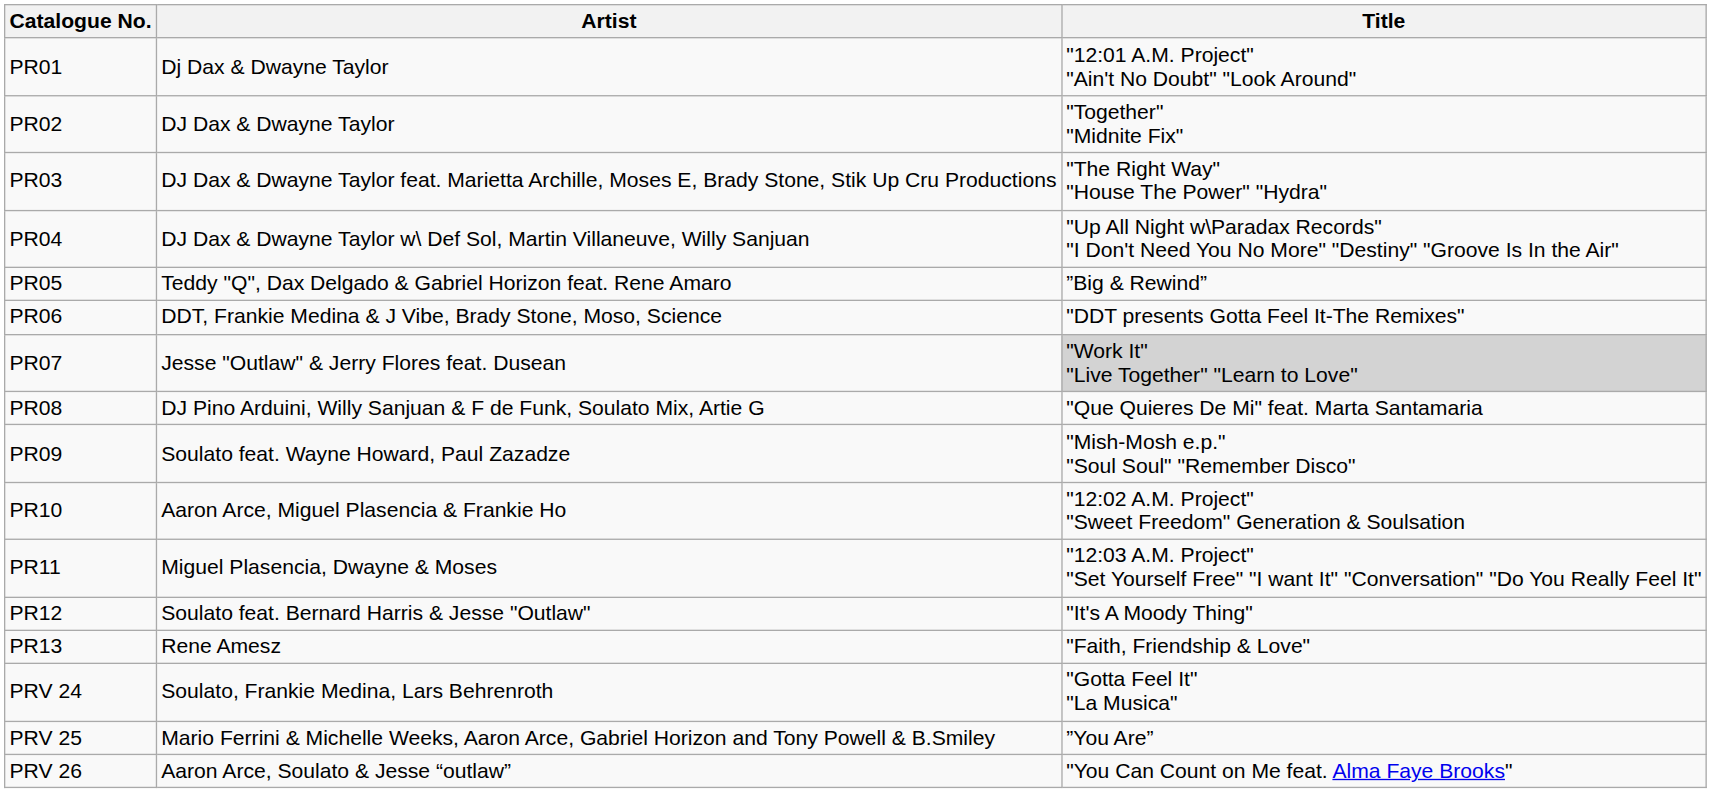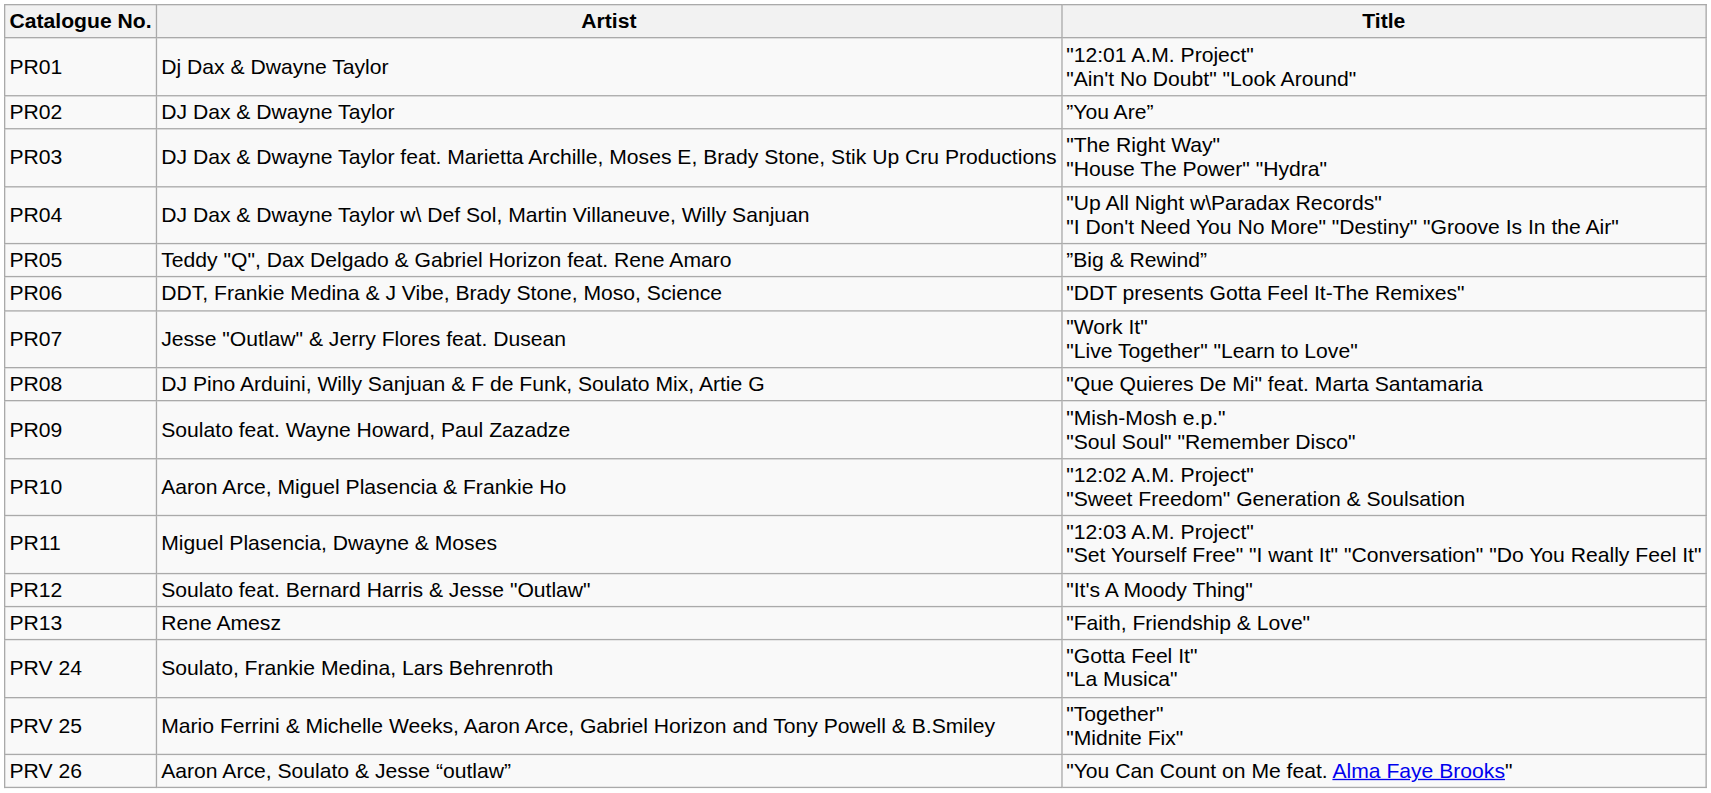 <table class="wikitable" style="text-align:left;">
 <tr>
 <th><strong>Catalogue No.</strong></th>
 <th><strong>Artist</strong></th>
 <th><strong>Title</strong></th>
 </tr>
 <tr>
 <td>PR01</td>
 <td>Dj Dax & Dwayne Taylor</td>
 <td>"12:01 A.M. Project"<br>"Ain't No Doubt" "Look Around"</td>
 </tr>
 <tr>
 <td>PR02</td>
 <td>DJ Dax & Dwayne Taylor</td>
-<td>"Together"<br>"Midnite Fix"</td>
+<td>”You Are”</td>
 </tr>
 <tr>
 <td>PR03</td>
 <td>DJ Dax & Dwayne Taylor feat. Marietta Archille, Moses E, Brady Stone, Stik Up Cru Productions</td>
 <td>"The Right Way"<br>"House The Power" "Hydra"</td>
 </tr>
 <tr>
 <td>PR04</td>
 <td>DJ Dax & Dwayne Taylor w\ Def Sol, Martin Villaneuve, Willy Sanjuan</td>
 <td>"Up All Night w\Paradax Records"<br>"I Don't Need You No More" "Destiny" "Groove Is In the Air"</td>
 </tr>
 <tr>
 <td>PR05</td>
 <td>Teddy "Q", Dax Delgado & Gabriel Horizon feat. Rene Amaro</td>
 <td>”Big & Rewind”</td>
 </tr>
 <tr>
 <td>PR06</td>
 <td>DDT, Frankie Medina & J Vibe, Brady Stone, Moso, Science</td>
 <td>"DDT presents Gotta Feel It-The Remixes"</td>
 </tr>
 <tr>
 <td>PR07</td>
 <td>Jesse "Outlaw" & Jerry Flores feat. Dusean</td>
-<td style="background: lightgrey;">"Work It"<br>"Live Together" "Learn to Love"</td>
+<td>"Work It"<br>"Live Together" "Learn to Love"</td>
 </tr>
 <tr>
 <td>PR08</td>
 <td>DJ Pino Arduini, Willy Sanjuan & F de Funk, Soulato Mix, Artie G</td>
 <td>"Que Quieres De Mi" feat. Marta Santamaria</td>
 </tr>
 <tr>
 <td>PR09</td>
 <td>Soulato feat. Wayne Howard, Paul Zazadze</td>
 <td>"Mish-Mosh e.p."<br>"Soul Soul" "Remember Disco"</td>
 </tr>
 <tr>
 <td>PR10</td>
 <td>Aaron Arce, Miguel Plasencia & Frankie Ho</td>
 <td>"12:02 A.M. Project"<br>"Sweet Freedom" Generation & Soulsation</td>
 </tr>
 <tr>
 <td>PR11</td>
 <td>Miguel Plasencia, Dwayne & Moses</td>
 <td>"12:03 A.M. Project"<br>"Set Yourself Free" "I want It" "Conversation" "Do You Really Feel It"</td>
 </tr>
 <tr>
 <td>PR12</td>
 <td>Soulato feat. Bernard Harris & Jesse "Outlaw"</td>
 <td>"It's A Moody Thing"</td>
 </tr>
 <tr>
 <td>PR13</td>
 <td>Rene Amesz</td>
 <td>"Faith, Friendship & Love"</td>
 </tr>
 <tr>
 <td>PRV 24</td>
 <td>Soulato, Frankie Medina, Lars Behrenroth</td>
 <td>"Gotta Feel It"<br>"La Musica"</td>
 </tr>
 <tr>
 <td>PRV 25</td>
 <td>Mario Ferrini & Michelle Weeks, Aaron Arce, Gabriel Horizon and Tony Powell & B.Smiley</td>
-<td>”You Are”</td>
+<td>"Together"<br>"Midnite Fix"</td>
 </tr>
 <tr>
 <td>PRV 26</td>
 <td>Aaron Arce, Soulato & Jesse “outlaw”</td>
 <td>"You Can Count on Me feat. <a href='#'>Alma Faye Brooks</a>"</td>
 </tr>
 </table>
